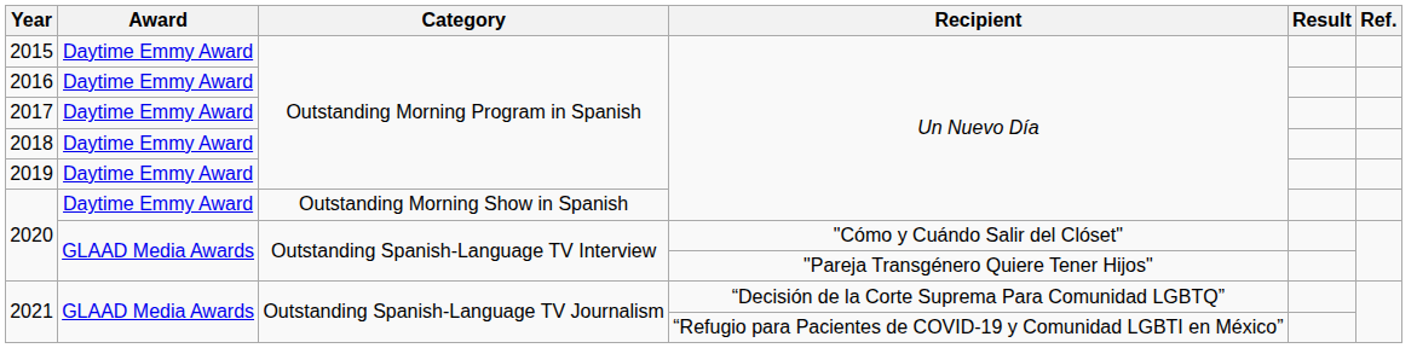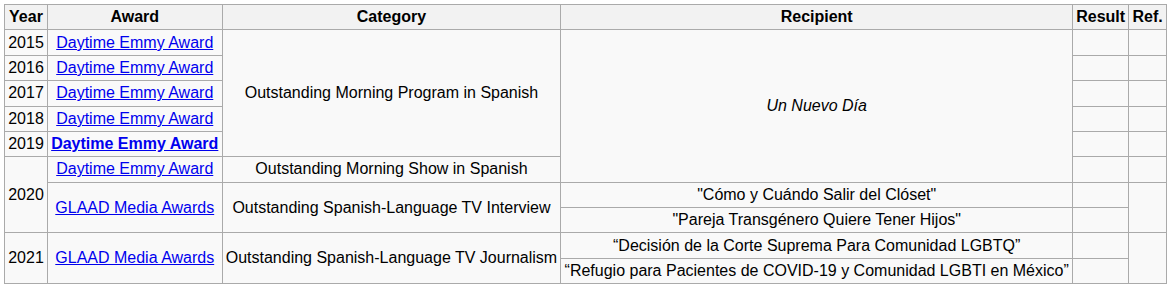 <table class="wikitable sortable plainrowheaders" style="text-align:center;">
 <tr>
 <th scope="col">Year</th>
 <th scope="col">Award</th>
 <th scope="col">Category</th>
 <th scope="col">Recipient</th>
 <th scope="col">Result</th>
 <th scope="col" class="unsortable">Ref.</th>
 </tr>
 <tr>
 <td rowspan="1">2015</td>
 <td><a href='#'>Daytime Emmy Award</a></td>
 <td rowspan="5">Outstanding Morning Program in Spanish</td>
 <td rowspan="6"><em>Un Nuevo Día</em></td>
 <td></td>
 <td></td>
 </tr>
 <tr>
 <td>2016</td>
 <td><a href='#'>Daytime Emmy Award</a></td>
 <td></td>
 <td></td>
 </tr>
 <tr>
 <td>2017</td>
 <td><a href='#'>Daytime Emmy Award</a></td>
 <td></td>
 <td></td>
 </tr>
 <tr>
 <td>2018</td>
 <td><a href='#'>Daytime Emmy Award</a></td>
 <td></td>
 <td></td>
 </tr>
 <tr>
 <td>2019</td>
-<td><a href='#'>Daytime Emmy Award</a></td>
+<td><strong><a href='#'>Daytime Emmy Award</a></strong></td>
 <td></td>
 <td></td>
 </tr>
 <tr>
 <td rowspan="3">2020</td>
 <td><a href='#'>Daytime Emmy Award</a></td>
 <td>Outstanding Morning Show in Spanish</td>
 <td></td>
 <td></td>
 </tr>
 <tr>
 <td rowspan="2"><a href='#'>GLAAD Media Awards</a></td>
 <td rowspan="2">Outstanding Spanish-Language TV Interview</td>
 <td>"Cómo y Cuándo Salir del Clóset"</td>
 <td></td>
 <td rowspan="2"><br></td>
 </tr>
 <tr>
 <td>"Pareja Transgénero Quiere Tener Hijos"</td>
 <td></td>
 </tr>
 <tr>
 <td rowspan="2">2021</td>
 <td rowspan="2"><a href='#'>GLAAD Media Awards</a></td>
 <td rowspan="2">Outstanding Spanish-Language TV Journalism</td>
 <td>“Decisión de la Corte Suprema Para Comunidad LGBTQ”</td>
 <td></td>
 <td rowspan="2"></td>
 </tr>
 <tr>
 <td>“Refugio para Pacientes de COVID-19 y Comunidad LGBTI en México”</td>
 <td></td>
 </tr>
 </table>
